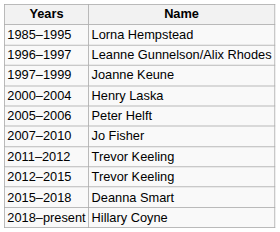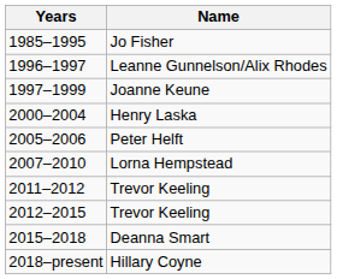 <table class="wikitable">
 <tr>
 <th>Years</th>
 <th>Name</th>
 </tr>
 <tr>
 <td>1985–1995</td>
-<td>Lorna Hempstead</td>
+<td>Jo Fisher</td>
 </tr>
 <tr>
 <td>1996–1997</td>
 <td>Leanne Gunnelson/Alix Rhodes</td>
 </tr>
 <tr>
 <td>1997–1999</td>
 <td>Joanne Keune</td>
 </tr>
 <tr>
 <td>2000–2004</td>
 <td>Henry Laska</td>
 </tr>
 <tr>
 <td>2005–2006</td>
 <td>Peter Helft</td>
 </tr>
 <tr>
 <td>2007–2010</td>
-<td>Jo Fisher</td>
+<td>Lorna Hempstead</td>
 </tr>
 <tr>
 <td>2011–2012</td>
 <td>Trevor Keeling</td>
 </tr>
 <tr>
 <td>2012–2015</td>
 <td>Trevor Keeling</td>
 </tr>
 <tr>
 <td>2015–2018</td>
 <td>Deanna Smart</td>
 </tr>
 <tr>
 <td>2018–present</td>
 <td>Hillary Coyne</td>
 </tr>
 </table>
